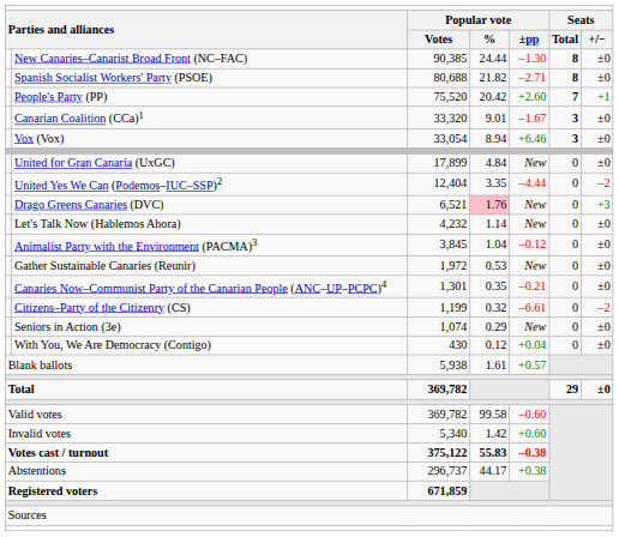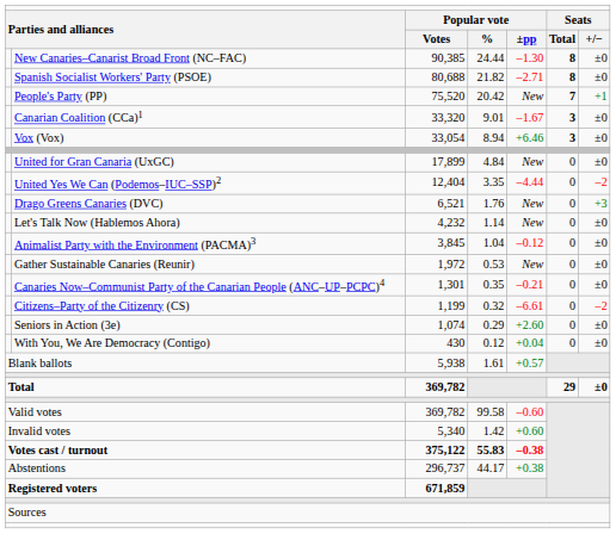 <table class="wikitable" style="text-align:right;">
 <tr>
 <td colspan="7"></td>
 </tr>
 <tr>
 <th style="text-align:left;" rowspan="2" colspan="2" width="525">Parties and alliances</th>
 <th colspan="3">Popular vote</th>
 <th colspan="2">Seats</th>
 </tr>
 <tr>
 <th width="75">Votes</th>
 <th width="45">%</th>
 <th width="45">±<a href='#'>pp</a></th>
 <th width="35">Total</th>
 <th width="35">+/−</th>
 </tr>
 <tr>
 <td width="1" style="color:inherit;background:"></td>
 <td align="left"><a href='#'>New Canaries–Canarist Broad Front</a> (NC–FAC)</td>
 <td>90,385</td>
 <td>24.44</td>
 <td style="color:red;">–1.30</td>
 <td><strong>8</strong></td>
 <td>±0</td>
 </tr>
 <tr>
 <td style="color:inherit;background:"></td>
 <td align="left"><a href='#'>Spanish Socialist Workers' Party</a> (PSOE)</td>
 <td>80,688</td>
 <td>21.82</td>
 <td style="color:red;">–2.71</td>
 <td><strong>8</strong></td>
 <td>±0</td>
 </tr>
 <tr>
 <td style="color:inherit;background:"></td>
 <td align="left"><a href='#'>People's Party</a> (PP)</td>
 <td>75,520</td>
 <td>20.42</td>
-<td style="color:green;">+2.60</td>
+<td><em>New</em></td>
 <td><strong>7</strong></td>
 <td style="color:green;">+1</td>
 </tr>
 <tr>
 <td style="color:inherit;background:"></td>
 <td align="left"><a href='#'>Canarian Coalition</a> (CCa)<sup>1</sup></td>
 <td>33,320</td>
 <td>9.01</td>
 <td style="color:red;">–1.67</td>
 <td><strong>3</strong></td>
 <td>±0</td>
 </tr>
 <tr>
 <td style="color:inherit;background:"></td>
 <td align="left"><a href='#'>Vox</a> (Vox)</td>
 <td>33,054</td>
 <td>8.94</td>
 <td style="color:green;">+6.46</td>
 <td><strong>3</strong></td>
 <td>±0</td>
 </tr>
 <tr>
 <td colspan="7" bgcolor="#C0C0C0"></td>
 </tr>
 <tr>
 <td style="color:inherit;background:"></td>
 <td align="left"><a href='#'>United for Gran Canaria</a> (UxGC)</td>
 <td>17,899</td>
 <td>4.84</td>
 <td><em>New</em></td>
 <td>0</td>
 <td>±0</td>
 </tr>
 <tr>
 <td style="color:inherit;background:"></td>
 <td align="left"><a href='#'>United Yes We Can</a> (<a href='#'>Podemos</a>–<a href='#'>IUC–SSP</a>)<sup>2</sup></td>
 <td>12,404</td>
 <td>3.35</td>
 <td style="color:red;">–4.44</td>
 <td>0</td>
 <td style="color:red;">–2</td>
 </tr>
 <tr>
 <td style="color:inherit;background:"></td>
 <td align="left"><a href='#'>Drago Greens Canaries</a> (DVC)</td>
 <td>6,521</td>
-<td style="background: pink;">1.76</td>
+<td>1.76</td>
 <td><em>New</em></td>
 <td>0</td>
 <td style="color:green;">+3</td>
 </tr>
 <tr>
 <td style="color:inherit;background:"></td>
 <td align="left">Let's Talk Now (Hablemos Ahora)</td>
 <td>4,232</td>
 <td>1.14</td>
 <td><em>New</em></td>
 <td>0</td>
 <td>±0</td>
 </tr>
 <tr>
 <td style="color:inherit;background:"></td>
 <td align="left"><a href='#'>Animalist Party with the Environment</a> (PACMA)<sup>3</sup></td>
 <td>3,845</td>
 <td>1.04</td>
 <td style="color:red;">–0.12</td>
 <td>0</td>
 <td>±0</td>
 </tr>
 <tr>
 <td style="color:inherit;background:"></td>
 <td align="left">Gather Sustainable Canaries (Reunir)</td>
 <td>1,972</td>
 <td>0.53</td>
 <td><em>New</em></td>
 <td>0</td>
 <td>±0</td>
 </tr>
 <tr>
 <td style="color:inherit;background:"></td>
 <td align="left"><a href='#'>Canaries Now–Communist Party of the Canarian People</a> (<a href='#'>ANC</a>–<a href='#'>UP</a>–<a href='#'>PCPC</a>)<sup>4</sup></td>
 <td>1,301</td>
 <td>0.35</td>
 <td style="color:red;">–0.21</td>
 <td>0</td>
 <td>±0</td>
 </tr>
 <tr>
 <td style="color:inherit;background:"></td>
 <td align="left"><a href='#'>Citizens–Party of the Citizenry</a> (CS)</td>
 <td>1,199</td>
 <td>0.32</td>
 <td style="color:red;">–6.61</td>
 <td>0</td>
 <td style="color:red;">–2</td>
 </tr>
 <tr>
 <td style="color:inherit;background:"></td>
 <td align="left">Seniors in Action (3e)</td>
 <td>1,074</td>
 <td>0.29</td>
-<td><em>New</em></td>
+<td style="color:green;">+2.60</td>
 <td>0</td>
 <td>±0</td>
 </tr>
 <tr>
 <td style="color:inherit;background:"></td>
 <td align="left">With You, We Are Democracy (Contigo)</td>
 <td>430</td>
 <td>0.12</td>
 <td style="color:green;">+0.04</td>
 <td>0</td>
 <td>±0</td>
 </tr>
 <tr>
 <td align="left" colspan="2">Blank ballots</td>
 <td>5,938</td>
 <td>1.61</td>
 <td style="color:green;">+0.57</td>
 <td bgcolor="#E9E9E9" colspan="2"></td>
 </tr>
 <tr>
 <td colspan="7" bgcolor="#E9E9E9"></td>
 </tr>
 <tr style="font-weight:bold;">
 <td align="left" colspan="2">Total</td>
 <td>369,782</td>
 <td bgcolor="#E9E9E9" colspan="2"></td>
 <td>29</td>
 <td>±0</td>
 </tr>
 <tr>
 <td colspan="7" bgcolor="#E9E9E9"></td>
 </tr>
 <tr>
 <td align="left" colspan="2">Valid votes</td>
 <td>369,782</td>
 <td>99.58</td>
 <td style="color:red;">–0.60</td>
 <td bgcolor="#E9E9E9" colspan="2" rowspan="5"></td>
 </tr>
 <tr>
 <td align="left" colspan="2">Invalid votes</td>
 <td>5,340</td>
 <td>1.42</td>
 <td style="color:green;">+0.60</td>
 </tr>
 <tr style="font-weight:bold;">
 <td align="left" colspan="2">Votes cast / turnout</td>
 <td>375,122</td>
 <td>55.83</td>
 <td style="color:red;">–0.38</td>
 </tr>
 <tr>
 <td align="left" colspan="2">Abstentions</td>
 <td>296,737</td>
 <td>44.17</td>
 <td style="color:green;">+0.38</td>
 </tr>
 <tr style="font-weight:bold;">
 <td align="left" colspan="2">Registered voters</td>
 <td>671,859</td>
 <td bgcolor="#E9E9E9" colspan="2"></td>
 </tr>
 <tr>
 <td colspan="7" bgcolor="#E9E9E9"></td>
 </tr>
 <tr>
 <td align="left" colspan="7">Sources</td>
 </tr>
 <tr>
 <td colspan="7" style="text-align:left; max-width:790px;"></td>
 </tr>
 </table>
